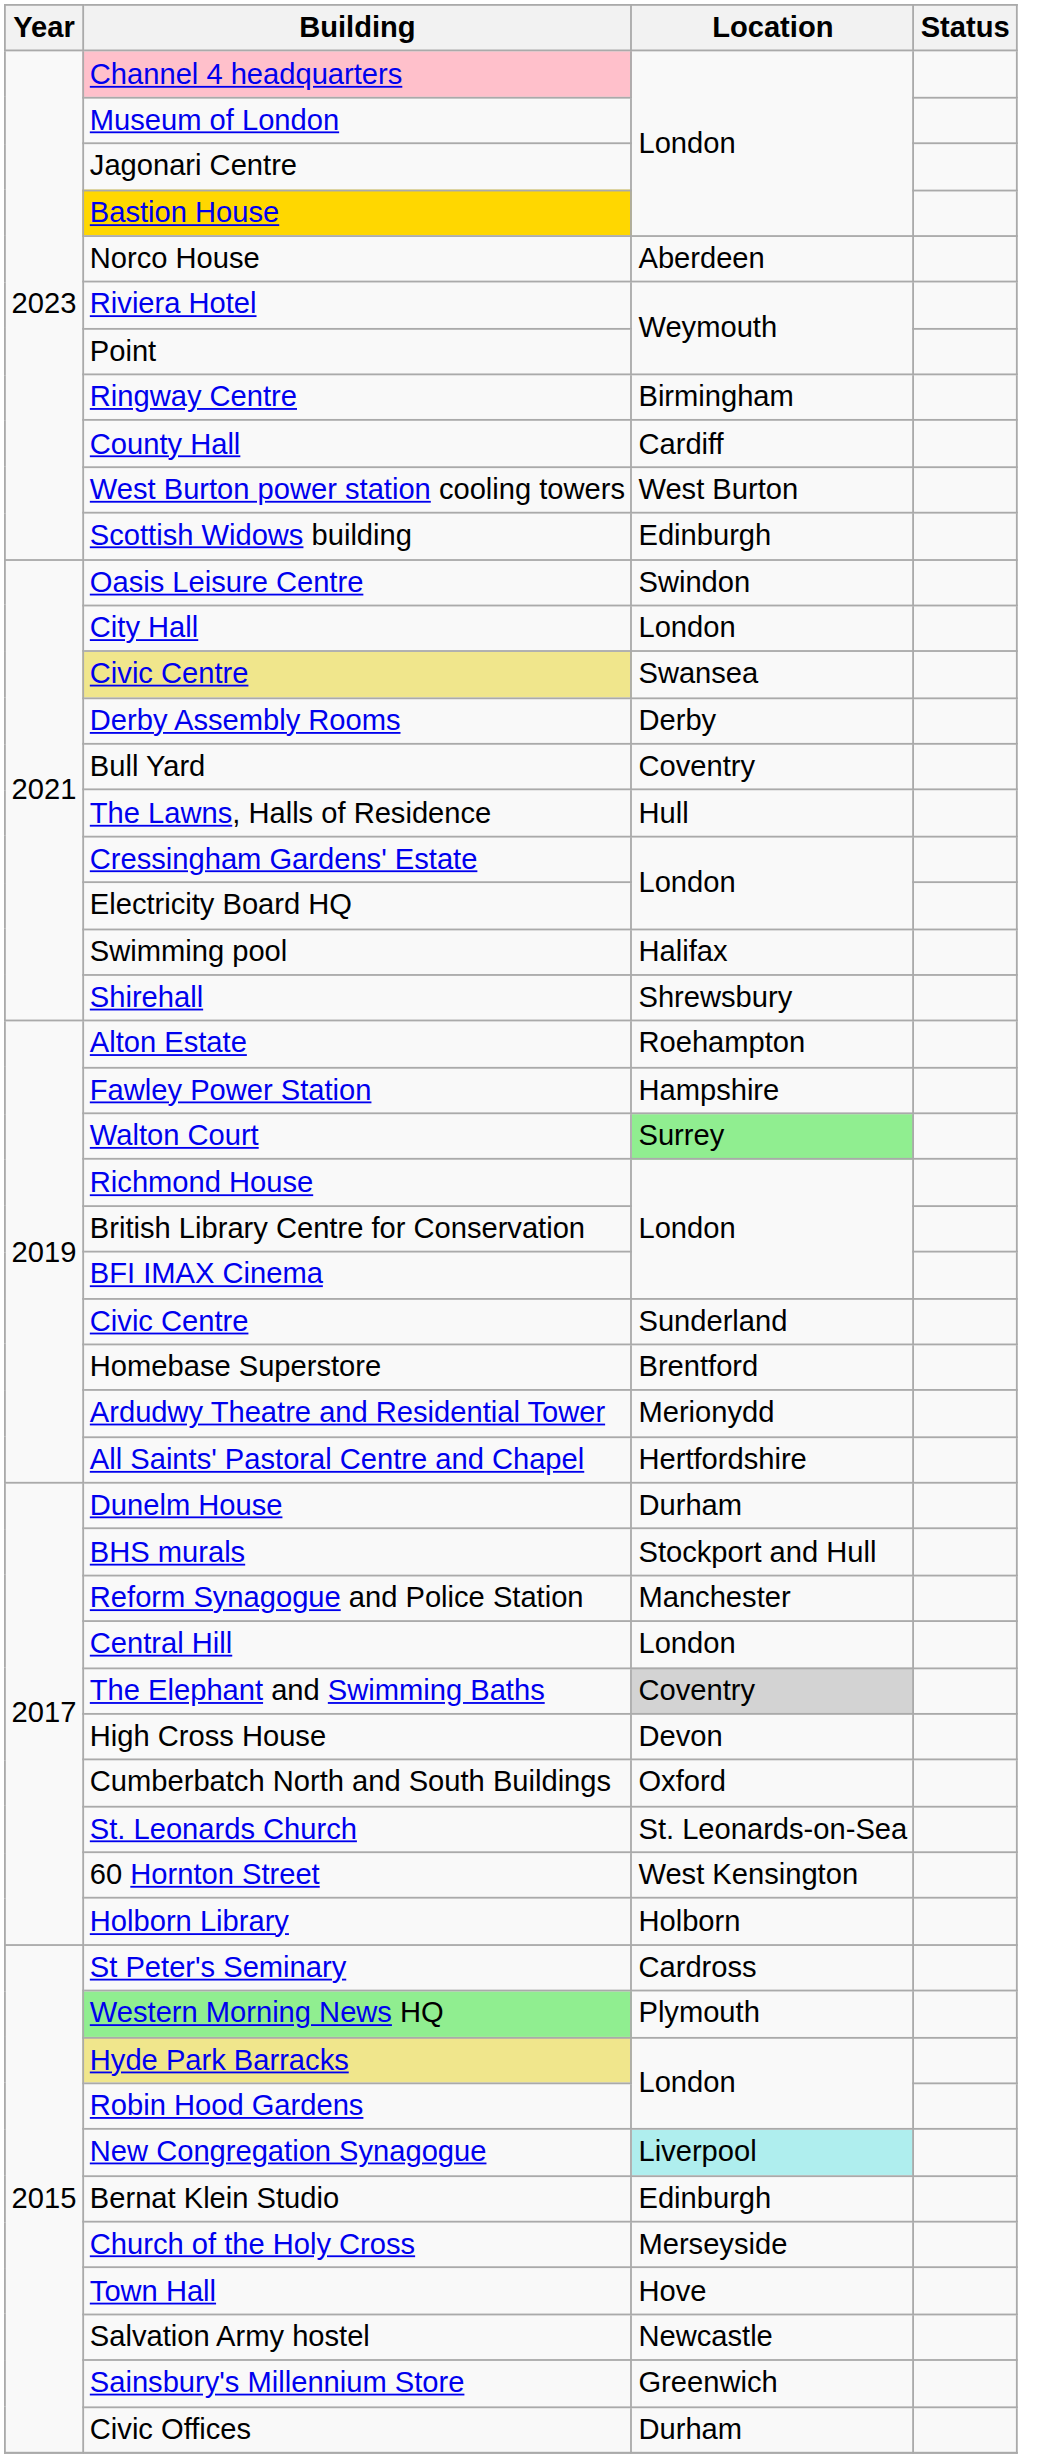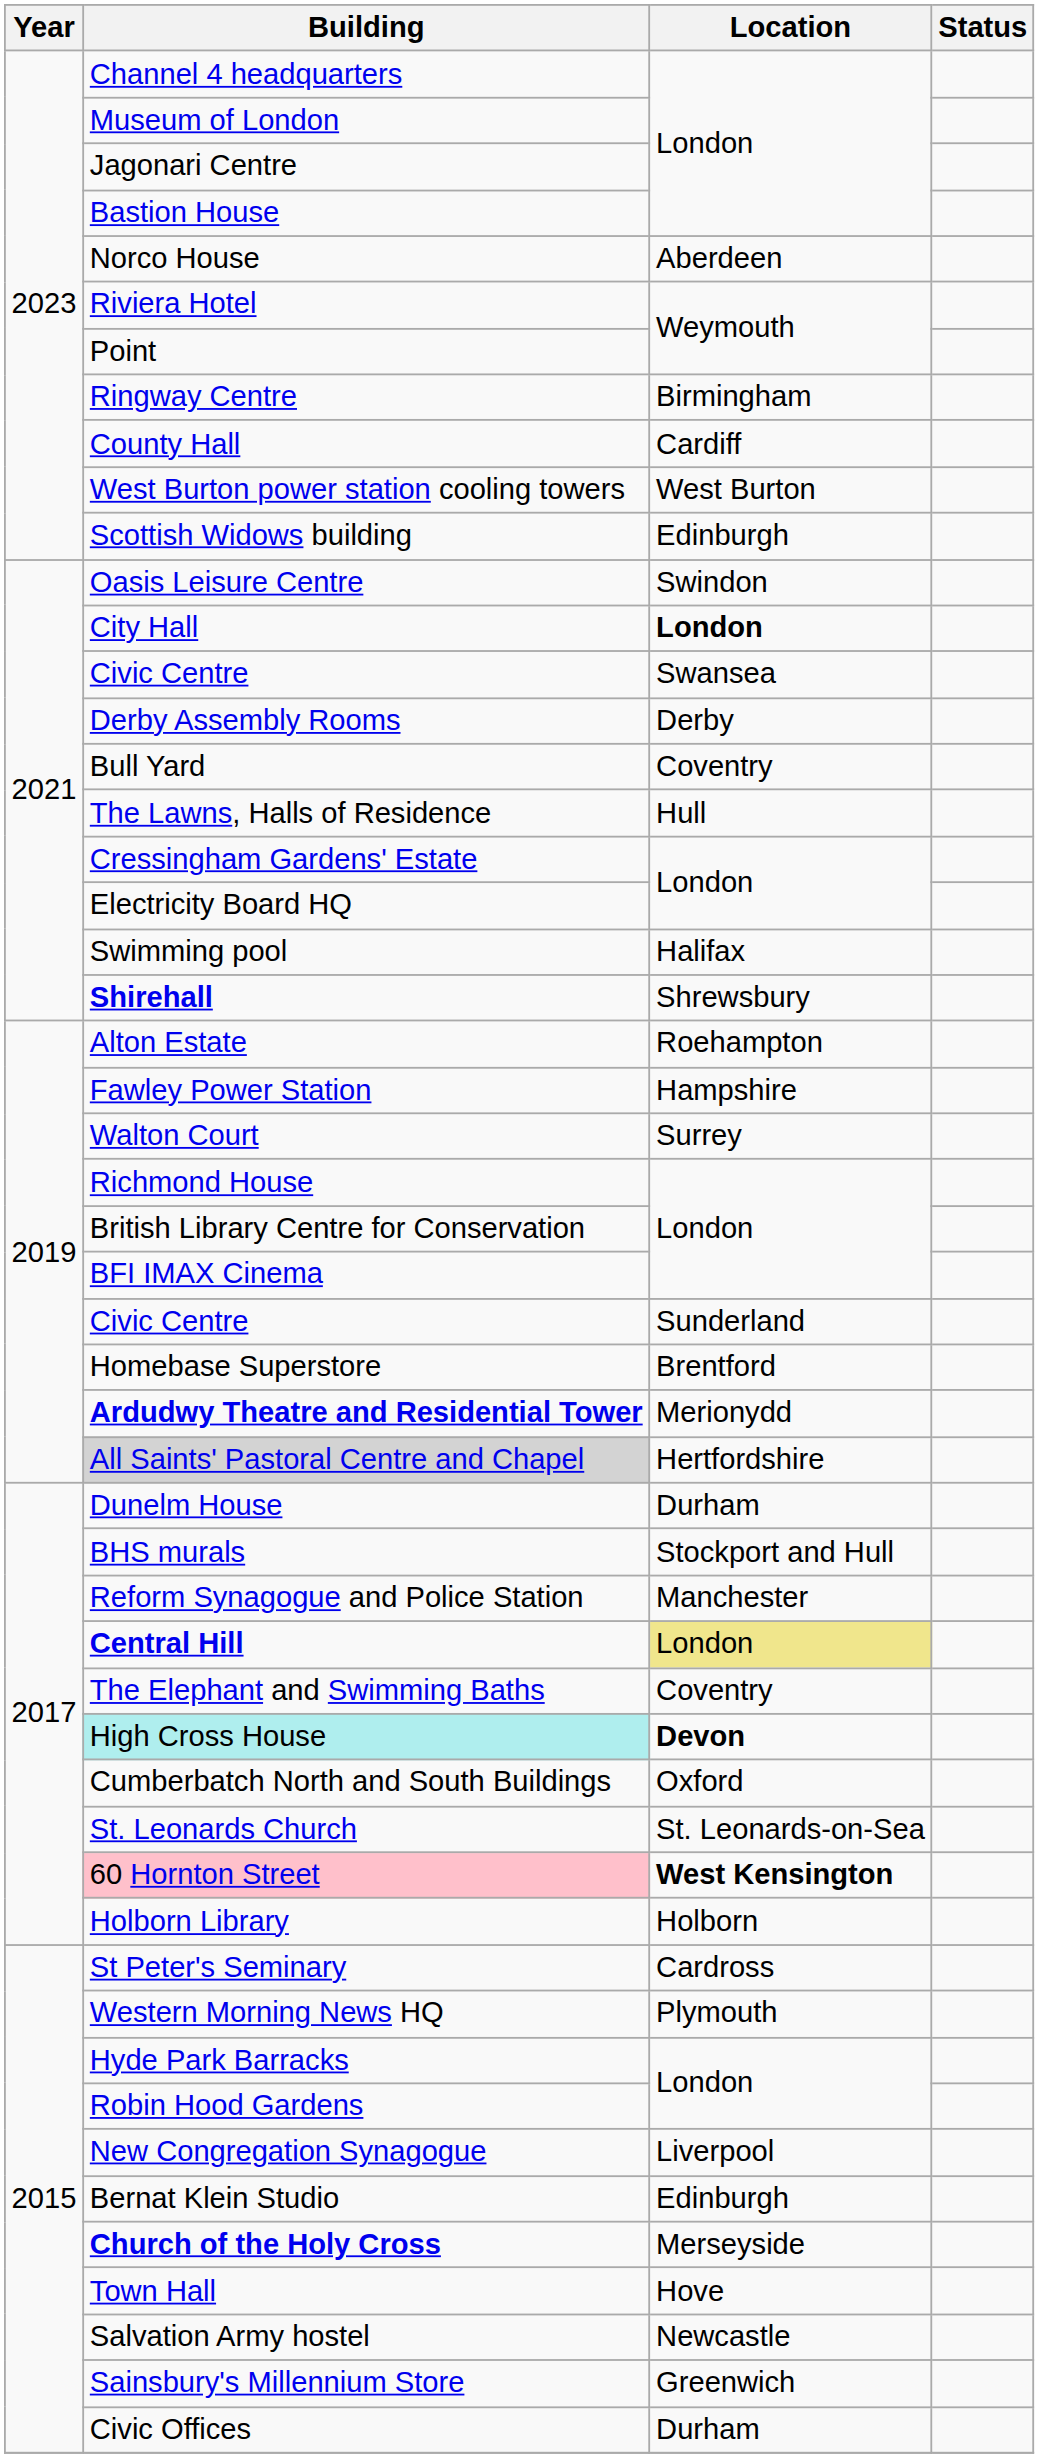 <table class="wikitable sortable">
 <tr>
 <th>Year</th>
 <th>Building</th>
 <th>Location</th>
 <th>Status</th>
 </tr>
 <tr>
 <td rowspan="11">2023</td>
-<td style="background: pink;"><a href='#'>Channel 4 headquarters</a></td>
+<td><a href='#'>Channel 4 headquarters</a></td>
 <td rowspan="4">London</td>
 <td></td>
 </tr>
 <tr>
 <td><a href='#'>Museum of London</a></td>
 <td></td>
 </tr>
 <tr>
 <td>Jagonari Centre</td>
 <td></td>
 </tr>
 <tr>
-<td style="background: gold;"><a href='#'>Bastion House</a></td>
+<td><a href='#'>Bastion House</a></td>
 <td></td>
 </tr>
 <tr>
 <td>Norco House</td>
 <td>Aberdeen</td>
 <td></td>
 </tr>
 <tr>
 <td><a href='#'>Riviera Hotel</a></td>
 <td rowspan="2">Weymouth</td>
 <td></td>
 </tr>
 <tr>
 <td>Point</td>
 <td></td>
 </tr>
 <tr>
 <td><a href='#'>Ringway Centre</a></td>
 <td>Birmingham</td>
 <td></td>
 </tr>
 <tr>
 <td><a href='#'>County Hall</a></td>
 <td>Cardiff</td>
 <td></td>
 </tr>
 <tr>
 <td><a href='#'>West Burton power station</a> cooling towers</td>
 <td>West Burton</td>
 <td></td>
 </tr>
 <tr>
 <td><a href='#'>Scottish Widows</a> building</td>
 <td>Edinburgh</td>
 <td></td>
 </tr>
 <tr>
 <td rowspan="10">2021</td>
 <td><a href='#'>Oasis Leisure Centre</a></td>
 <td>Swindon</td>
 <td></td>
 </tr>
 <tr>
 <td><a href='#'>City Hall</a></td>
-<td>London</td>
+<td><strong>London</strong></td>
 <td></td>
 </tr>
 <tr>
-<td style="background: khaki;"><a href='#'>Civic Centre</a></td>
+<td><a href='#'>Civic Centre</a></td>
 <td>Swansea</td>
 <td></td>
 </tr>
 <tr>
 <td><a href='#'>Derby Assembly Rooms</a></td>
 <td>Derby</td>
 <td></td>
 </tr>
 <tr>
 <td>Bull Yard</td>
 <td>Coventry</td>
 <td></td>
 </tr>
 <tr>
 <td><a href='#'>The Lawns</a>, Halls of Residence</td>
 <td>Hull</td>
 <td></td>
 </tr>
 <tr>
 <td><a href='#'>Cressingham Gardens' Estate</a></td>
 <td rowspan="2">London</td>
 <td></td>
 </tr>
 <tr>
 <td>Electricity Board HQ</td>
 <td></td>
 </tr>
 <tr>
 <td>Swimming pool</td>
 <td>Halifax</td>
 <td></td>
 </tr>
 <tr>
-<td><a href='#'>Shirehall</a></td>
+<td><strong><a href='#'>Shirehall</a></strong></td>
 <td>Shrewsbury</td>
 <td></td>
 </tr>
 <tr>
 <td rowspan="10">2019</td>
 <td><a href='#'>Alton Estate</a></td>
 <td>Roehampton</td>
 <td></td>
 </tr>
 <tr>
 <td><a href='#'>Fawley Power Station</a></td>
 <td>Hampshire</td>
 <td></td>
 </tr>
 <tr>
 <td><a href='#'>Walton Court</a></td>
-<td style="background: lightgreen;">Surrey</td>
+<td>Surrey</td>
 <td></td>
 </tr>
 <tr>
 <td><a href='#'>Richmond House</a></td>
 <td rowspan="3">London</td>
 <td></td>
 </tr>
 <tr>
 <td>British Library Centre for Conservation</td>
 <td></td>
 </tr>
 <tr>
 <td><a href='#'>BFI IMAX Cinema</a></td>
 <td></td>
 </tr>
 <tr>
 <td><a href='#'>Civic Centre</a></td>
 <td>Sunderland</td>
 <td></td>
 </tr>
 <tr>
 <td>Homebase Superstore</td>
 <td>Brentford</td>
 <td></td>
 </tr>
 <tr>
-<td><a href='#'>Ardudwy Theatre and Residential Tower</a></td>
+<td><strong><a href='#'>Ardudwy Theatre and Residential Tower</a></strong></td>
 <td>Merionydd</td>
 <td></td>
 </tr>
 <tr>
-<td><a href='#'>All Saints' Pastoral Centre and Chapel</a></td>
+<td style="background: lightgrey;"><a href='#'>All Saints' Pastoral Centre and Chapel</a></td>
 <td>Hertfordshire</td>
 <td></td>
 </tr>
 <tr>
 <td rowspan="10">2017</td>
 <td><a href='#'>Dunelm House</a></td>
 <td>Durham</td>
 <td></td>
 </tr>
 <tr>
 <td><a href='#'>BHS murals</a></td>
 <td>Stockport and Hull</td>
 <td></td>
 </tr>
 <tr>
 <td><a href='#'>Reform Synagogue</a> and Police Station</td>
 <td>Manchester</td>
 <td></td>
 </tr>
 <tr>
-<td><a href='#'>Central Hill</a></td>
-<td>London</td>
+<td><strong><a href='#'>Central Hill</a></strong></td>
+<td style="background: khaki;">London</td>
 <td></td>
 </tr>
 <tr>
 <td><a href='#'>The Elephant</a> and <a href='#'>Swimming Baths</a></td>
-<td style="background: lightgrey;">Coventry</td>
+<td>Coventry</td>
 <td></td>
 </tr>
 <tr>
-<td>High Cross House</td>
-<td>Devon</td>
+<td style="background: paleturquoise;">High Cross House</td>
+<td><strong>Devon</strong></td>
 <td></td>
 </tr>
 <tr>
 <td>Cumberbatch North and South Buildings</td>
 <td>Oxford</td>
 <td></td>
 </tr>
 <tr>
 <td><a href='#'>St. Leonards Church</a></td>
 <td>St. Leonards-on-Sea</td>
 <td></td>
 </tr>
 <tr>
-<td>60 <a href='#'>Hornton Street</a></td>
-<td>West Kensington</td>
+<td style="background: pink;">60 <a href='#'>Hornton Street</a></td>
+<td><strong>West Kensington</strong></td>
 <td></td>
 </tr>
 <tr>
 <td><a href='#'>Holborn Library</a></td>
 <td>Holborn</td>
 <td></td>
 </tr>
 <tr>
 <td rowspan="11">2015</td>
 <td><a href='#'>St Peter's Seminary</a></td>
 <td>Cardross</td>
 <td></td>
 </tr>
 <tr>
-<td style="background: lightgreen;"><a href='#'>Western Morning News</a> HQ</td>
+<td><a href='#'>Western Morning News</a> HQ</td>
 <td>Plymouth</td>
 <td></td>
 </tr>
 <tr>
-<td style="background: khaki;"><a href='#'>Hyde Park Barracks</a></td>
+<td><a href='#'>Hyde Park Barracks</a></td>
 <td rowspan="2">London</td>
 <td></td>
 </tr>
 <tr>
 <td><a href='#'>Robin Hood Gardens</a></td>
 <td></td>
 </tr>
 <tr>
 <td><a href='#'>New Congregation Synagogue</a></td>
-<td style="background: paleturquoise;">Liverpool</td>
+<td>Liverpool</td>
 <td></td>
 </tr>
 <tr>
 <td>Bernat Klein Studio</td>
 <td>Edinburgh</td>
 <td></td>
 </tr>
 <tr>
-<td><a href='#'>Church of the Holy Cross</a></td>
+<td><strong><a href='#'>Church of the Holy Cross</a></strong></td>
 <td>Merseyside</td>
 <td></td>
 </tr>
 <tr>
 <td><a href='#'>Town Hall</a></td>
 <td>Hove</td>
 <td></td>
 </tr>
 <tr>
 <td>Salvation Army hostel</td>
 <td>Newcastle</td>
 <td></td>
 </tr>
 <tr>
 <td><a href='#'>Sainsbury's Millennium Store</a></td>
 <td>Greenwich</td>
 <td></td>
 </tr>
 <tr>
 <td>Civic Offices</td>
 <td>Durham</td>
 <td></td>
 </tr>
 <tr>
 </tr>
 </table>
